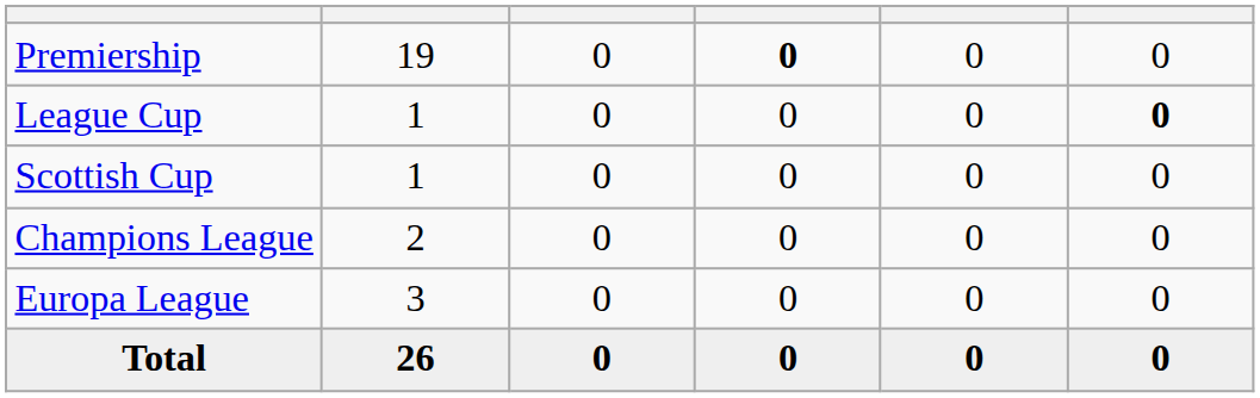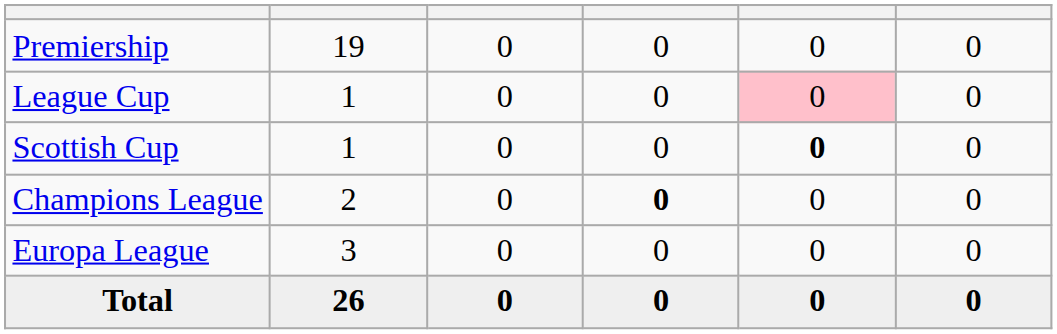 <table class="wikitable sortable" style="text-align: center;">
 <tr>
 <th></th>
 <th style="width:70px;"></th>
 <th style="width:70px;"></th>
 <th style="width:70px;"></th>
 <th style="width:70px;"></th>
 <th style="width:70px;"></th>
 </tr>
 <tr>
 <td align=left><a href='#'>Premiership</a></td>
 <td>19</td>
 <td>0</td>
-<td><strong>0</strong></td>
+<td>0</td>
 <td>0</td>
 <td>0</td>
 </tr>
 <tr>
 <td align=left><a href='#'>League Cup</a></td>
 <td>1</td>
 <td>0</td>
 <td>0</td>
+<td style="background: pink;">0</td>
 <td>0</td>
-<td><strong>0</strong></td>
 </tr>
 <tr>
 <td align=left><a href='#'>Scottish Cup</a></td>
 <td>1</td>
 <td>0</td>
 <td>0</td>
-<td>0</td>
+<td><strong>0</strong></td>
 <td>0</td>
 </tr>
 <tr>
 <td align=left><a href='#'>Champions League</a></td>
 <td>2</td>
 <td>0</td>
-<td>0</td>
+<td><strong>0</strong></td>
 <td>0</td>
 <td>0</td>
 </tr>
 <tr>
 <td align=left><a href='#'>Europa League</a></td>
 <td>3</td>
 <td>0</td>
 <td>0</td>
 <td>0</td>
 <td>0</td>
 </tr>
 <tr bgcolor="#EFEFEF">
 <td><strong>Total</strong></td>
 <td><strong>26</strong></td>
 <td><strong>0</strong></td>
 <td><strong>0</strong></td>
 <td><strong>0</strong></td>
 <td><strong>0</strong></td>
 </tr>
 </table>
